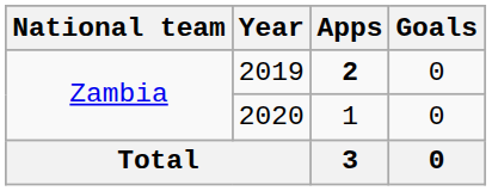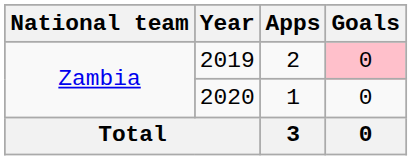 <table class="wikitable" style="text-align:center">
 <tr>
 <th>National team</th>
 <th>Year</th>
 <th>Apps</th>
 <th>Goals</th>
 </tr>
 <tr>
 <td rowspan="2"><a href='#'>Zambia</a></td>
 <td>2019</td>
-<td><strong>2</strong></td>
-<td>0</td>
+<td>2</td>
+<td style="background: pink;">0</td>
 </tr>
 <tr>
 <td>2020</td>
 <td>1</td>
 <td>0</td>
 </tr>
 <tr>
 <th colspan=2>Total</th>
 <th>3</th>
 <th>0</th>
 </tr>
 </table>
